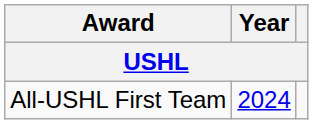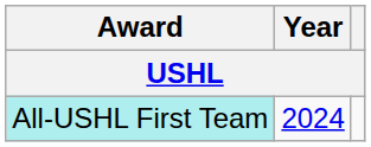 <table class="wikitable">
 <tr>
 <th>Award</th>
 <th>Year</th>
 <th></th>
 </tr>
 <tr>
 <th colspan="3"><a href='#'>USHL</a></th>
 </tr>
 <tr>
-<td>All-USHL First Team</td>
+<td style="background: paleturquoise;">All-USHL First Team</td>
 <td><a href='#'>2024</a></td>
 <td></td>
 </tr>
 </table>
